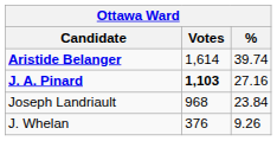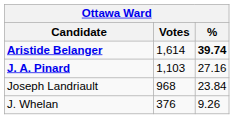 <table class="wikitable">
 <tr>
 <th colspan="3"><a href='#'>Ottawa Ward</a></th>
 </tr>
 <tr>
 <th style="width: 200px">Candidate</th>
 <th style="width: 50px">Votes</th>
 <th style="width: 40px">%</th>
 </tr>
 <tr>
 <td><strong><a href='#'>Aristide Belanger</a></strong></td>
 <td>1,614</td>
-<td>39.74</td>
+<td><strong>39.74</strong></td>
 </tr>
 <tr>
 <td><strong><a href='#'>J. A. Pinard</a></strong></td>
-<td><strong>1,103</strong></td>
+<td>1,103</td>
 <td>27.16</td>
 </tr>
 <tr>
 <td>Joseph Landriault</td>
 <td>968</td>
 <td>23.84</td>
 </tr>
 <tr>
 <td>J. Whelan</td>
 <td>376</td>
 <td>9.26</td>
 </tr>
 </table>
